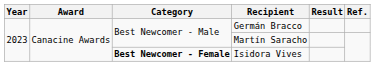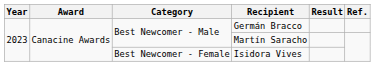 <table class="wikitable">
 <tr>
 <th>Year</th>
 <th>Award</th>
 <th>Category</th>
 <th>Recipient</th>
 <th>Result</th>
 <th>Ref.</th>
 </tr>
 <tr>
 <td rowspan="3">2023</td>
 <td rowspan="3">Canacine Awards</td>
 <td rowspan="2">Best Newcomer - Male</td>
 <td>Germán Bracco</td>
 <td></td>
 <td></td>
 </tr>
 <tr>
 <td>Martín Saracho</td>
 <td></td>
 <td rowspan="2"></td>
 </tr>
 <tr>
-<td><strong>Best Newcomer - Female</strong></td>
+<td>Best Newcomer - Female</td>
 <td>Isidora Vives</td>
 <td></td>
 </tr>
 </table>
